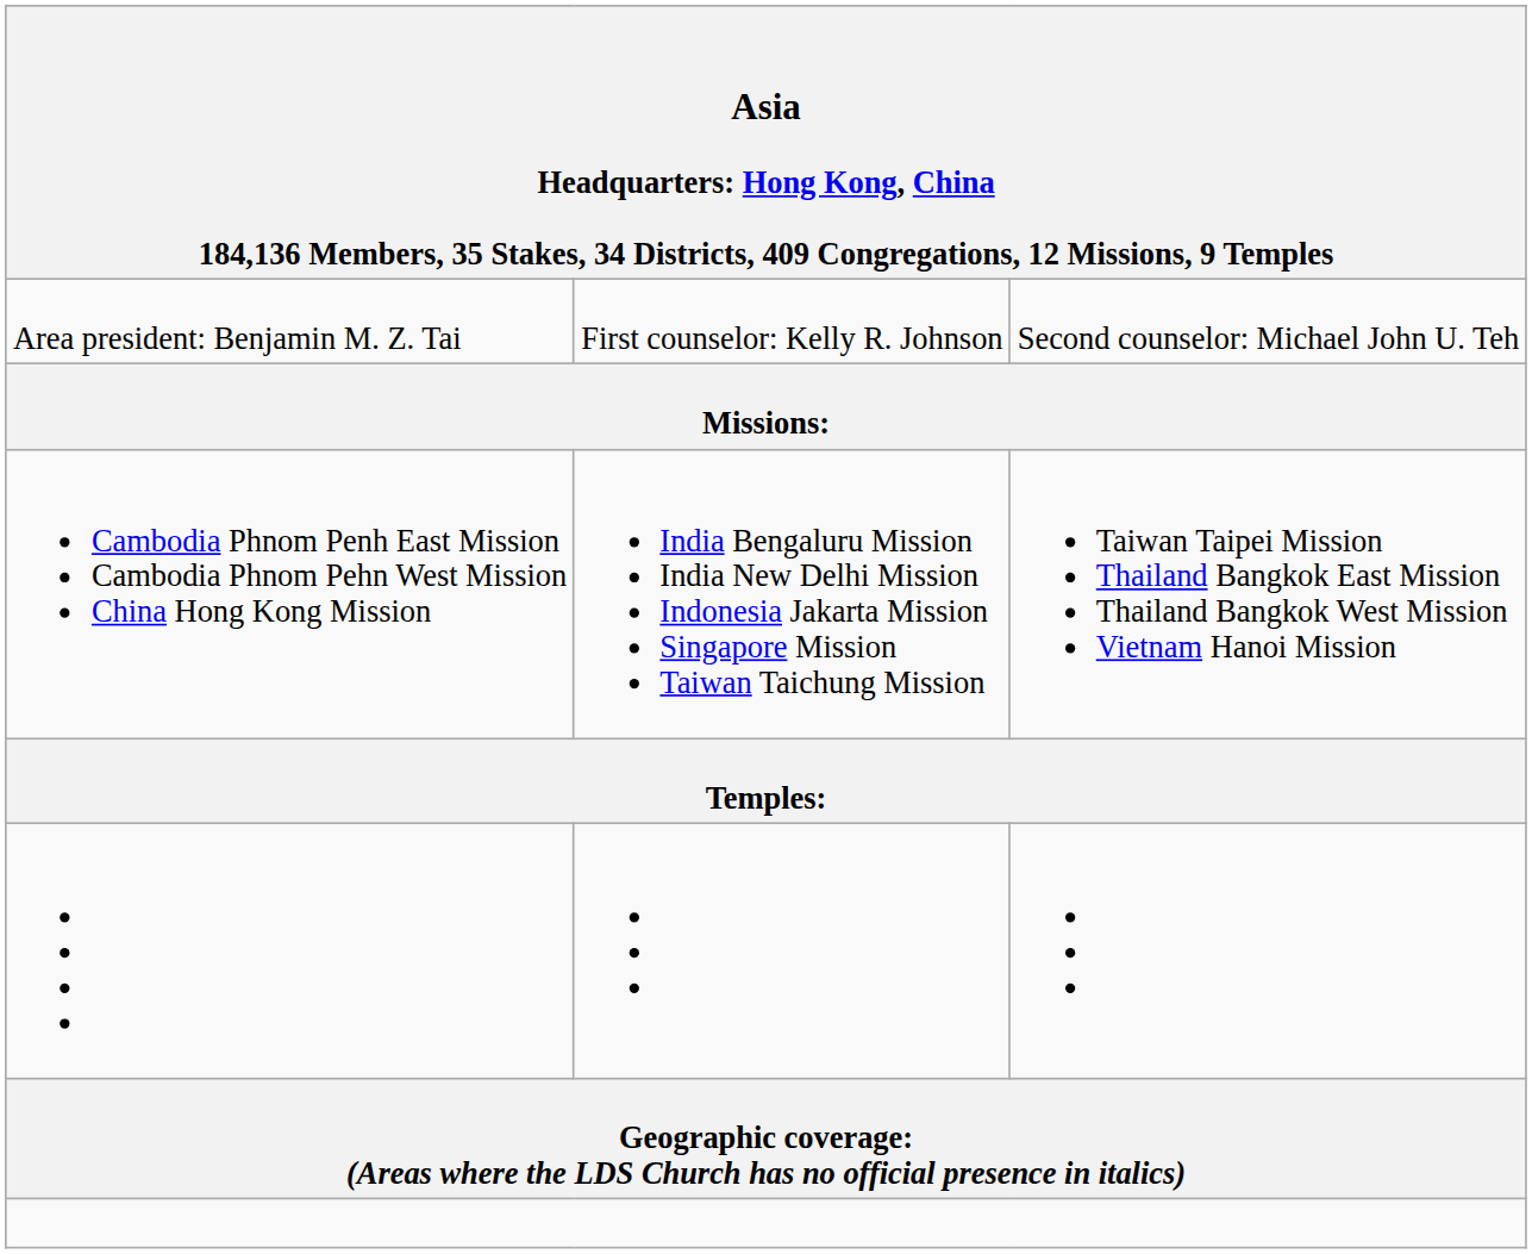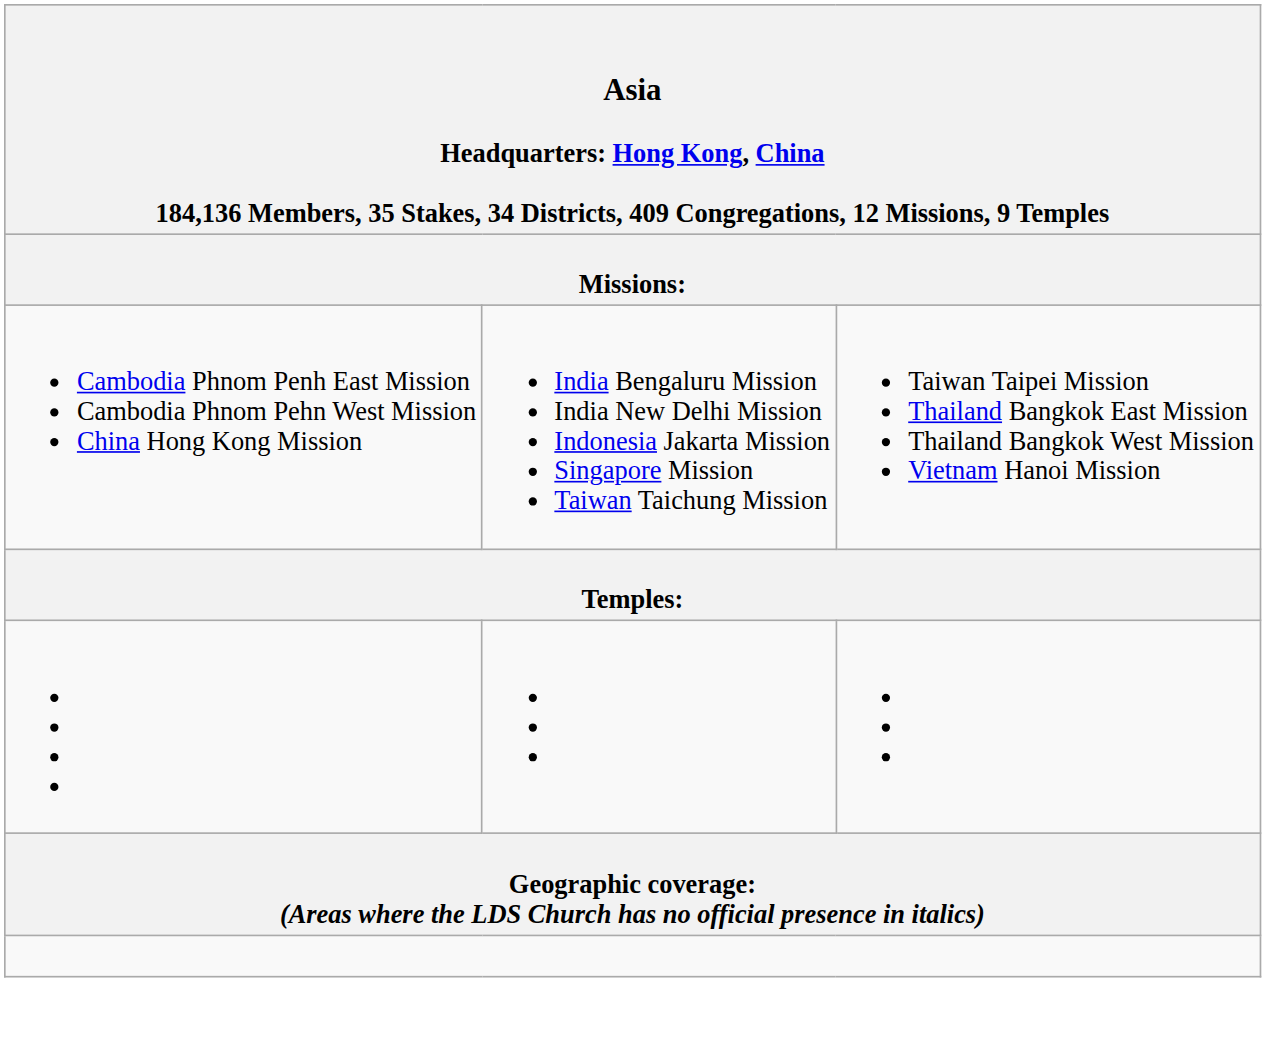 <table class=wikitable>
 <tr>
 <th colspan=3><br><h3>Asia</h3>Headquarters: <a href='#'>Hong Kong</a>, <a href='#'>China</a><br><br>184,136 Members, 35 Stakes, 34 Districts, 409 Congregations, 12 Missions, 9 Temples</th>
-</tr>
-<tr>
-<td style="vertical-align:top"><br>Area president: Benjamin M. Z. Tai</td>
-<td style="vertical-align:top"><br>First counselor: Kelly R. Johnson</td>
-<td style="vertical-align:top"><br>Second counselor: Michael John U. Teh</td>
 </tr>
 <tr>
 <th colspan=3><br>Missions:</th>
 </tr>
 <tr>
 <td style="vertical-align:top"><br><ul><li><a href='#'>Cambodia</a> Phnom Penh East Mission</li><li>Cambodia Phnom Pehn West Mission</li><li><a href='#'>China</a> Hong Kong Mission</li></ul></td>
 <td style="vertical-align:top"><br><ul><li><a href='#'>India</a> Bengaluru Mission</li><li>India New Delhi Mission</li><li><a href='#'>Indonesia</a> Jakarta Mission</li><li><a href='#'>Singapore</a> Mission</li><li><a href='#'>Taiwan</a> Taichung Mission</li></ul></td>
 <td style="vertical-align:top"><br><ul><li>Taiwan Taipei Mission</li><li><a href='#'>Thailand</a> Bangkok East Mission</li><li>Thailand Bangkok West Mission</li><li><a href='#'>Vietnam</a> Hanoi Mission</li></ul></td>
 </tr>
 <tr>
 <th colspan=3><br>Temples:</th>
 </tr>
 <tr>
 <td style="vertical-align:top"><br><ul><li></li><li></li><li></li><li></li></ul></td>
 <td style="vertical-align:top"><br><ul><li></li><li></li><li></li></ul></td>
 <td style="vertical-align:top"><br><ul><li></li><li></li><li></li></ul></td>
 </tr>
 <tr>
 <th colspan=3><br>Geographic coverage:<br><em>(Areas where the LDS Church has no official presence in italics)</em></th>
 </tr>
 <tr>
 <td style="vertical-align:top" colspan=3><br></td>
 </tr>
 </table>
